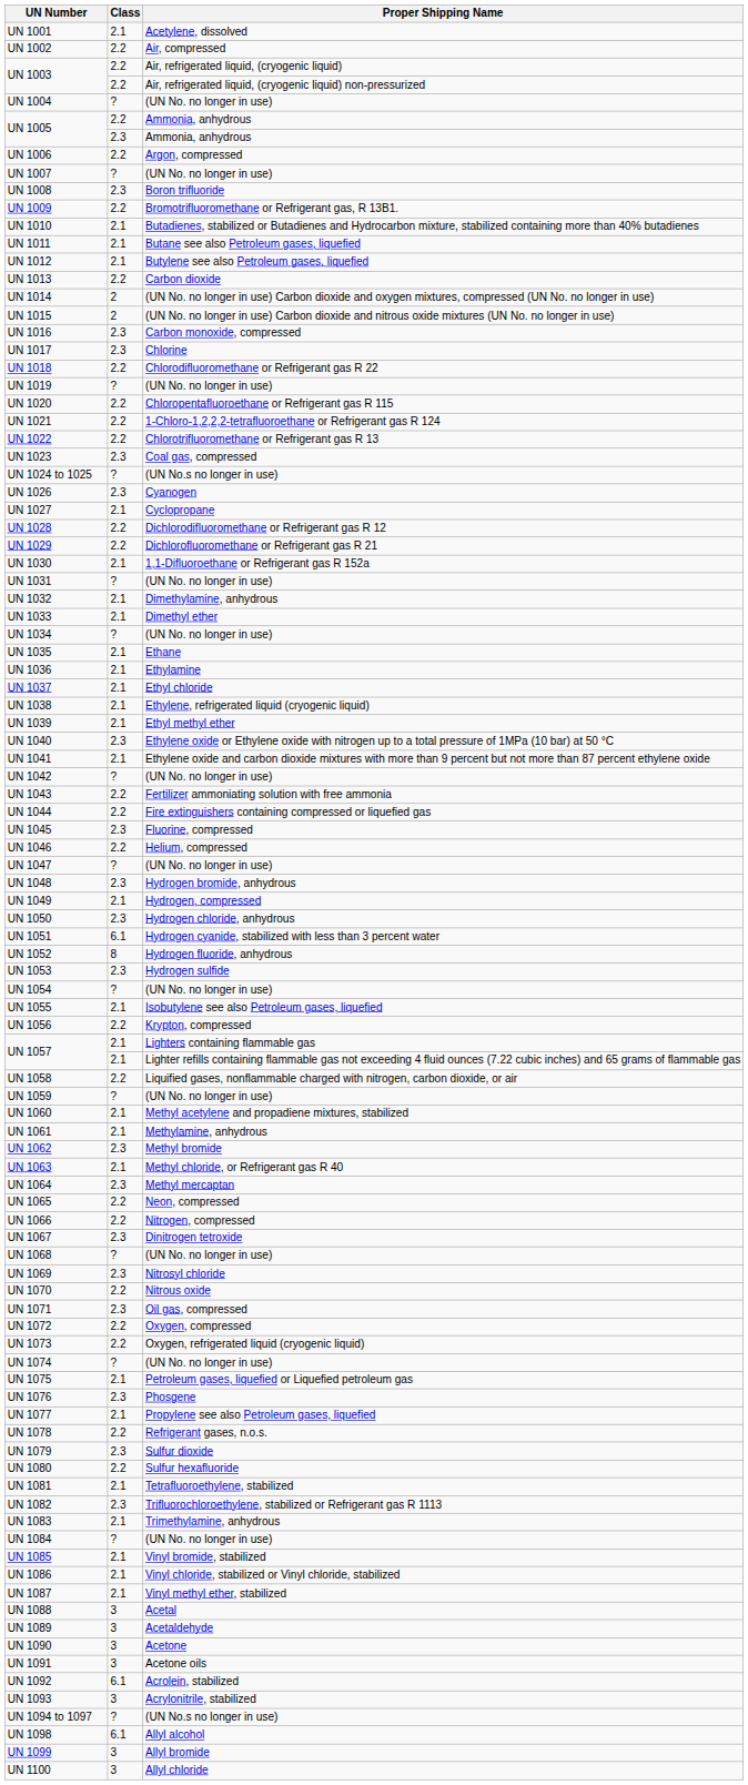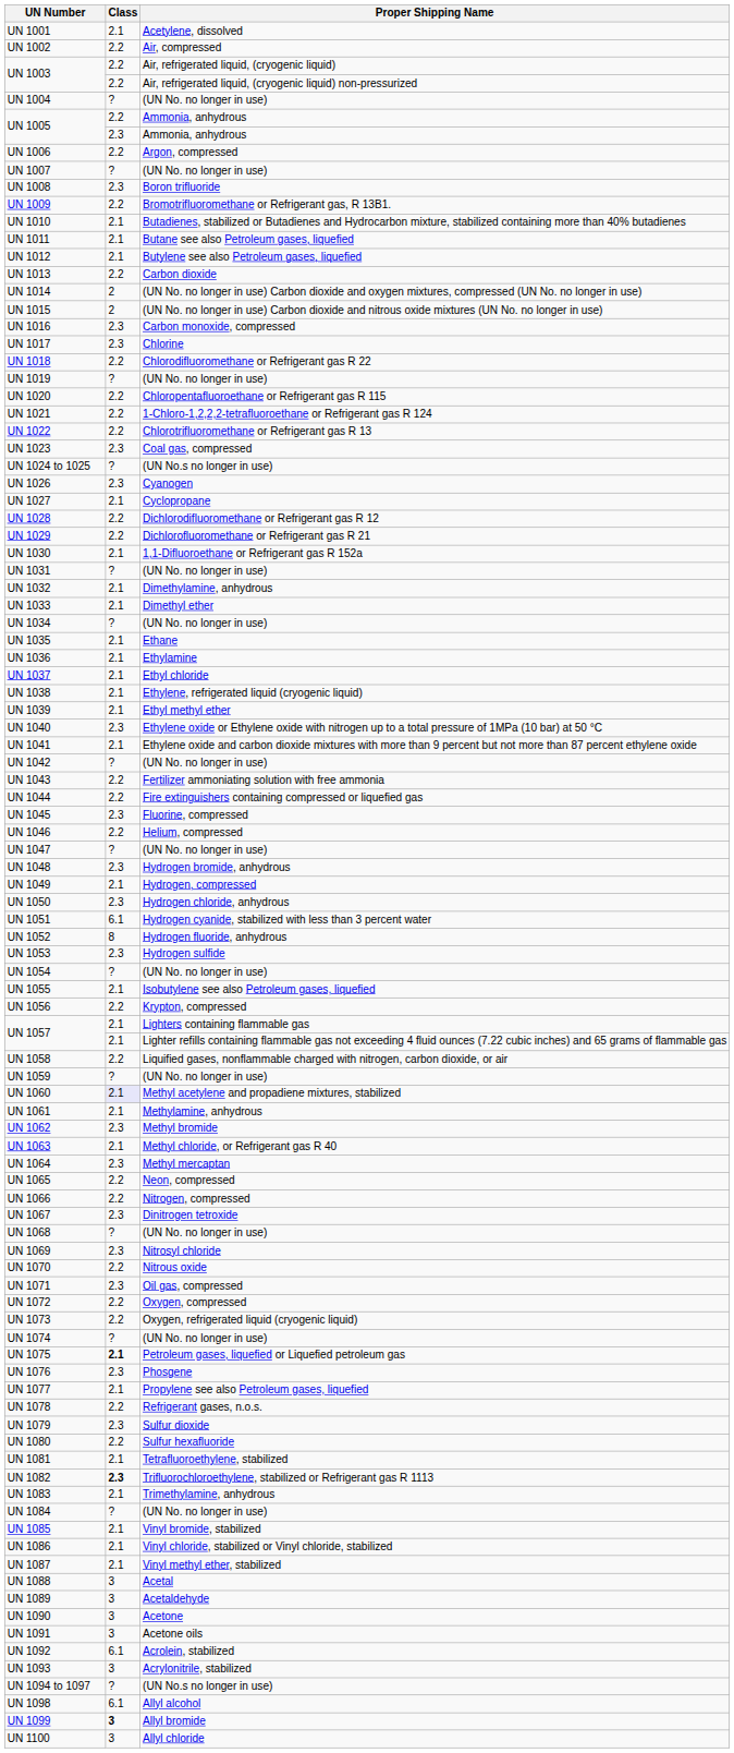 <table class="wikitable">
 <tr>
 <th width="140px">UN Number</th>
 <th>Class</th>
 <th>Proper Shipping Name</th>
 </tr>
 <tr>
 <td>UN 1001</td>
 <td>2.1</td>
 <td><a href='#'>Acetylene</a>, dissolved</td>
 </tr>
 <tr>
 <td>UN 1002</td>
 <td>2.2</td>
 <td><a href='#'>Air</a>, compressed</td>
 </tr>
 <tr>
 <td rowspan=2>UN 1003</td>
 <td>2.2</td>
 <td>Air, refrigerated liquid, (cryogenic liquid)</td>
 </tr>
 <tr>
 <td>2.2</td>
 <td>Air, refrigerated liquid, (cryogenic liquid) non-pressurized</td>
 </tr>
 <tr>
 <td>UN 1004</td>
 <td>?</td>
 <td>(UN No. no longer in use)</td>
 </tr>
 <tr>
 <td rowspan=2>UN 1005</td>
 <td>2.2</td>
 <td><a href='#'>Ammonia</a>, anhydrous</td>
 </tr>
 <tr>
 <td>2.3</td>
 <td>Ammonia, anhydrous</td>
 </tr>
 <tr>
 <td>UN 1006</td>
 <td>2.2</td>
 <td><a href='#'>Argon</a>, compressed</td>
 </tr>
 <tr>
 <td>UN 1007</td>
 <td>?</td>
 <td>(UN No. no longer in use)</td>
 </tr>
 <tr>
 <td>UN 1008</td>
 <td>2.3</td>
 <td><a href='#'>Boron trifluoride</a></td>
 </tr>
 <tr>
 <td><a href='#'>UN 1009</a></td>
 <td>2.2</td>
 <td><a href='#'>Bromotrifluoromethane</a> or Refrigerant gas, R 13B1.</td>
 </tr>
 <tr>
 <td>UN 1010</td>
 <td>2.1</td>
 <td><a href='#'>Butadienes</a>, stabilized or Butadienes and Hydrocarbon mixture, stabilized containing more than 40% butadienes</td>
 </tr>
 <tr>
 <td>UN 1011</td>
 <td>2.1</td>
 <td><a href='#'>Butane</a> see also <a href='#'>Petroleum gases, liquefied</a></td>
 </tr>
 <tr>
 <td>UN 1012</td>
 <td>2.1</td>
 <td><a href='#'>Butylene</a> see also <a href='#'>Petroleum gases, liquefied</a></td>
 </tr>
 <tr>
 <td>UN 1013</td>
 <td>2.2</td>
 <td><a href='#'>Carbon dioxide</a></td>
 </tr>
 <tr>
 <td>UN 1014</td>
 <td>2</td>
 <td>(UN No. no longer in use) Carbon dioxide and oxygen mixtures, compressed (UN No. no longer in use)</td>
 </tr>
 <tr>
 <td>UN 1015</td>
 <td>2</td>
 <td>(UN No. no longer in use) Carbon dioxide and nitrous oxide mixtures (UN No. no longer in use)</td>
 </tr>
 <tr>
 <td>UN 1016</td>
 <td>2.3</td>
 <td><a href='#'>Carbon monoxide</a>, compressed</td>
 </tr>
 <tr>
 <td>UN 1017</td>
 <td>2.3</td>
 <td><a href='#'>Chlorine</a></td>
 </tr>
 <tr>
 <td><a href='#'>UN 1018</a></td>
 <td>2.2</td>
 <td><a href='#'>Chlorodifluoromethane</a> or Refrigerant gas R 22</td>
 </tr>
 <tr>
 <td>UN 1019</td>
 <td>?</td>
 <td>(UN No. no longer in use)</td>
 </tr>
 <tr>
 <td>UN 1020</td>
 <td>2.2</td>
 <td><a href='#'>Chloropentafluoroethane</a> or Refrigerant gas R 115</td>
 </tr>
 <tr>
 <td>UN 1021</td>
 <td>2.2</td>
 <td><a href='#'>1-Chloro-1,2,2,2-tetrafluoroethane</a> or Refrigerant gas R 124</td>
 </tr>
 <tr>
 <td><a href='#'>UN 1022</a></td>
 <td>2.2</td>
 <td><a href='#'>Chlorotrifluoromethane</a> or Refrigerant gas R 13</td>
 </tr>
 <tr>
 <td>UN 1023</td>
 <td>2.3</td>
 <td><a href='#'>Coal gas</a>, compressed</td>
 </tr>
 <tr>
 <td>UN 1024 to 1025</td>
 <td>?</td>
 <td>(UN No.s no longer in use)</td>
 </tr>
 <tr>
 <td>UN 1026</td>
 <td>2.3</td>
 <td><a href='#'>Cyanogen</a></td>
 </tr>
 <tr>
 <td>UN 1027</td>
 <td>2.1</td>
 <td><a href='#'>Cyclopropane</a></td>
 </tr>
 <tr>
 <td><a href='#'>UN 1028</a></td>
 <td>2.2</td>
 <td><a href='#'>Dichlorodifluoromethane</a> or Refrigerant gas R 12</td>
 </tr>
 <tr>
 <td><a href='#'>UN 1029</a></td>
 <td>2.2</td>
 <td><a href='#'>Dichlorofluoromethane</a> or Refrigerant gas R 21</td>
 </tr>
 <tr>
 <td>UN 1030</td>
 <td>2.1</td>
 <td><a href='#'>1,1-Difluoroethane</a> or Refrigerant gas R 152a</td>
 </tr>
 <tr>
 <td>UN 1031</td>
 <td>?</td>
 <td>(UN No. no longer in use)</td>
 </tr>
 <tr>
 <td>UN 1032</td>
 <td>2.1</td>
 <td><a href='#'>Dimethylamine</a>, anhydrous</td>
 </tr>
 <tr>
 <td>UN 1033</td>
 <td>2.1</td>
 <td><a href='#'>Dimethyl ether</a></td>
 </tr>
 <tr>
 <td>UN 1034</td>
 <td>?</td>
 <td>(UN No. no longer in use)</td>
 </tr>
 <tr>
 <td>UN 1035</td>
 <td>2.1</td>
 <td><a href='#'>Ethane</a></td>
 </tr>
 <tr>
 <td>UN 1036</td>
 <td>2.1</td>
 <td><a href='#'>Ethylamine</a></td>
 </tr>
 <tr>
 <td><a href='#'>UN 1037</a></td>
 <td>2.1</td>
 <td><a href='#'>Ethyl chloride</a></td>
 </tr>
 <tr>
 <td>UN 1038</td>
 <td>2.1</td>
 <td><a href='#'>Ethylene</a>, refrigerated liquid (cryogenic liquid)</td>
 </tr>
 <tr>
 <td>UN 1039</td>
 <td>2.1</td>
 <td><a href='#'>Ethyl methyl ether</a></td>
 </tr>
 <tr>
 <td>UN 1040</td>
 <td>2.3</td>
 <td><a href='#'>Ethylene oxide</a> or Ethylene oxide with nitrogen up to a total pressure of 1MPa (10 bar) at 50 °C</td>
 </tr>
 <tr>
 <td>UN 1041</td>
 <td>2.1</td>
 <td>Ethylene oxide and carbon dioxide mixtures with more than 9 percent but not more than 87 percent ethylene oxide</td>
 </tr>
 <tr>
 <td>UN 1042</td>
 <td>?</td>
 <td>(UN No. no longer in use)</td>
 </tr>
 <tr>
 <td>UN 1043</td>
 <td>2.2</td>
 <td><a href='#'>Fertilizer</a> ammoniating solution with free ammonia</td>
 </tr>
 <tr>
 <td>UN 1044</td>
 <td>2.2</td>
 <td><a href='#'>Fire extinguishers</a> containing compressed or liquefied gas</td>
 </tr>
 <tr>
 <td>UN 1045</td>
 <td>2.3</td>
 <td><a href='#'>Fluorine</a>, compressed</td>
 </tr>
 <tr>
 <td>UN 1046</td>
 <td>2.2</td>
 <td><a href='#'>Helium</a>, compressed</td>
 </tr>
 <tr>
 <td>UN 1047</td>
 <td>?</td>
 <td>(UN No. no longer in use)</td>
 </tr>
 <tr>
 <td>UN 1048</td>
 <td>2.3</td>
 <td><a href='#'>Hydrogen bromide</a>, anhydrous</td>
 </tr>
 <tr>
 <td>UN 1049</td>
 <td>2.1</td>
 <td><a href='#'>Hydrogen, compressed</a></td>
 </tr>
 <tr>
 <td>UN 1050</td>
 <td>2.3</td>
 <td><a href='#'>Hydrogen chloride</a>, anhydrous</td>
 </tr>
 <tr>
 <td>UN 1051</td>
 <td>6.1</td>
 <td><a href='#'>Hydrogen cyanide</a>, stabilized with less than 3 percent water</td>
 </tr>
 <tr>
 <td>UN 1052</td>
 <td>8</td>
 <td><a href='#'>Hydrogen fluoride</a>, anhydrous</td>
 </tr>
 <tr>
 <td>UN 1053</td>
 <td>2.3</td>
 <td><a href='#'>Hydrogen sulfide</a></td>
 </tr>
 <tr>
 <td>UN 1054</td>
 <td>?</td>
 <td>(UN No. no longer in use)</td>
 </tr>
 <tr>
 <td>UN 1055</td>
 <td>2.1</td>
 <td><a href='#'>Isobutylene</a> see also <a href='#'>Petroleum gases, liquefied</a></td>
 </tr>
 <tr>
 <td>UN 1056</td>
 <td>2.2</td>
 <td><a href='#'>Krypton</a>, compressed</td>
 </tr>
 <tr>
 <td rowspan=2>UN 1057</td>
 <td>2.1</td>
 <td><a href='#'>Lighters</a> containing flammable gas</td>
 </tr>
 <tr>
 <td>2.1</td>
 <td>Lighter refills containing flammable gas not exceeding 4 fluid ounces (7.22 cubic inches) and 65 grams of flammable gas</td>
 </tr>
 <tr>
 <td>UN 1058</td>
 <td>2.2</td>
 <td>Liquified gases, nonflammable charged with nitrogen, carbon dioxide, or air</td>
 </tr>
 <tr>
 <td>UN 1059</td>
 <td>?</td>
 <td>(UN No. no longer in use)</td>
 </tr>
 <tr>
 <td>UN 1060</td>
-<td>2.1</td>
+<td style="background: lavender;">2.1</td>
 <td><a href='#'>Methyl acetylene</a> and propadiene mixtures, stabilized</td>
 </tr>
 <tr>
 <td>UN 1061</td>
 <td>2.1</td>
 <td><a href='#'>Methylamine</a>, anhydrous</td>
 </tr>
 <tr>
 <td><a href='#'>UN 1062</a></td>
 <td>2.3</td>
 <td><a href='#'>Methyl bromide</a></td>
 </tr>
 <tr>
 <td><a href='#'>UN 1063</a></td>
 <td>2.1</td>
 <td><a href='#'>Methyl chloride</a>, or Refrigerant gas R 40</td>
 </tr>
 <tr>
 <td>UN 1064</td>
 <td>2.3</td>
 <td><a href='#'>Methyl mercaptan</a></td>
 </tr>
 <tr>
 <td>UN 1065</td>
 <td>2.2</td>
 <td><a href='#'>Neon</a>, compressed</td>
 </tr>
 <tr>
 <td>UN 1066</td>
 <td>2.2</td>
 <td><a href='#'>Nitrogen</a>, compressed</td>
 </tr>
 <tr>
 <td>UN 1067</td>
 <td>2.3</td>
 <td><a href='#'>Dinitrogen tetroxide</a></td>
 </tr>
 <tr>
 <td>UN 1068</td>
 <td>?</td>
 <td>(UN No. no longer in use)</td>
 </tr>
 <tr>
 <td>UN 1069</td>
 <td>2.3</td>
 <td><a href='#'>Nitrosyl chloride</a></td>
 </tr>
 <tr>
 <td>UN 1070</td>
 <td>2.2</td>
 <td><a href='#'>Nitrous oxide</a></td>
 </tr>
 <tr>
 <td>UN 1071</td>
 <td>2.3</td>
 <td><a href='#'>Oil gas</a>, compressed</td>
 </tr>
 <tr>
 <td>UN 1072</td>
 <td>2.2</td>
 <td><a href='#'>Oxygen</a>, compressed</td>
 </tr>
 <tr>
 <td>UN 1073</td>
 <td>2.2</td>
 <td>Oxygen, refrigerated liquid (cryogenic liquid)</td>
 </tr>
 <tr>
 <td>UN 1074</td>
 <td>?</td>
 <td>(UN No. no longer in use)</td>
 </tr>
 <tr>
 <td>UN 1075</td>
-<td>2.1</td>
+<td><strong>2.1</strong></td>
 <td><a href='#'>Petroleum gases, liquefied</a> or Liquefied petroleum gas</td>
 </tr>
 <tr>
 <td>UN 1076</td>
 <td>2.3</td>
 <td><a href='#'>Phosgene</a></td>
 </tr>
 <tr>
 <td>UN 1077</td>
 <td>2.1</td>
 <td><a href='#'>Propylene</a> see also <a href='#'>Petroleum gases, liquefied</a></td>
 </tr>
 <tr>
 <td>UN 1078</td>
 <td>2.2</td>
 <td><a href='#'>Refrigerant</a> gases, n.o.s.</td>
 </tr>
 <tr>
 <td>UN 1079</td>
 <td>2.3</td>
 <td><a href='#'>Sulfur dioxide</a></td>
 </tr>
 <tr>
 <td>UN 1080</td>
 <td>2.2</td>
 <td><a href='#'>Sulfur hexafluoride</a></td>
 </tr>
 <tr>
 <td>UN 1081</td>
 <td>2.1</td>
 <td><a href='#'>Tetrafluoroethylene</a>, stabilized</td>
 </tr>
 <tr>
 <td>UN 1082</td>
-<td>2.3</td>
+<td><strong>2.3</strong></td>
 <td><a href='#'>Trifluorochloroethylene</a>, stabilized or Refrigerant gas R 1113</td>
 </tr>
 <tr>
 <td>UN 1083</td>
 <td>2.1</td>
 <td><a href='#'>Trimethylamine</a>, anhydrous</td>
 </tr>
 <tr>
 <td>UN 1084</td>
 <td>?</td>
 <td>(UN No. no longer in use)</td>
 </tr>
 <tr>
 <td><a href='#'>UN 1085</a></td>
 <td>2.1</td>
 <td><a href='#'>Vinyl bromide</a>, stabilized</td>
 </tr>
 <tr>
 <td>UN 1086</td>
 <td>2.1</td>
 <td><a href='#'>Vinyl chloride</a>, stabilized or Vinyl chloride, stabilized</td>
 </tr>
 <tr>
 <td>UN 1087</td>
 <td>2.1</td>
 <td><a href='#'>Vinyl methyl ether</a>, stabilized</td>
 </tr>
 <tr>
 <td>UN 1088</td>
 <td>3</td>
 <td><a href='#'>Acetal</a></td>
 </tr>
 <tr>
 <td>UN 1089</td>
 <td>3</td>
 <td><a href='#'>Acetaldehyde</a></td>
 </tr>
 <tr>
 <td>UN 1090</td>
 <td>3</td>
 <td><a href='#'>Acetone</a></td>
 </tr>
 <tr>
 <td>UN 1091</td>
 <td>3</td>
 <td>Acetone oils</td>
 </tr>
 <tr>
 <td>UN 1092</td>
 <td>6.1</td>
 <td><a href='#'>Acrolein</a>, stabilized</td>
 </tr>
 <tr>
 <td>UN 1093</td>
 <td>3</td>
 <td><a href='#'>Acrylonitrile</a>, stabilized</td>
 </tr>
 <tr>
 <td>UN 1094 to 1097</td>
 <td>?</td>
 <td>(UN No.s no longer in use)</td>
 </tr>
 <tr>
 <td>UN 1098</td>
 <td>6.1</td>
 <td><a href='#'>Allyl alcohol</a></td>
 </tr>
 <tr>
 <td><a href='#'>UN 1099</a></td>
-<td>3</td>
+<td><strong>3</strong></td>
 <td><a href='#'>Allyl bromide</a></td>
 </tr>
 <tr>
 <td>UN 1100</td>
 <td>3</td>
 <td><a href='#'>Allyl chloride</a></td>
 </tr>
 </table>
